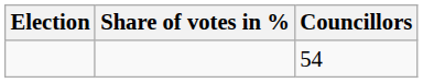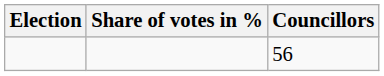 <table class="wikitable">
 <tr>
 <th>Election</th>
 <th>Share of votes in %</th>
 <th>Councillors</th>
 </tr>
 <tr>
 <td></td>
 <td></td>
-<td>54</td>
+<td>56</td>
 </tr>
 </table>
